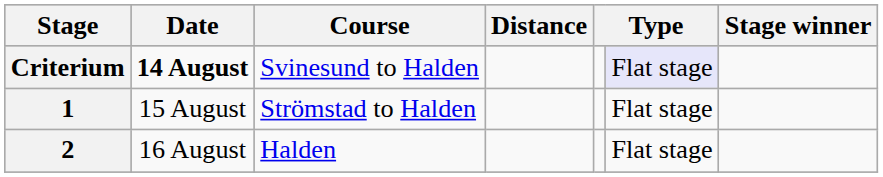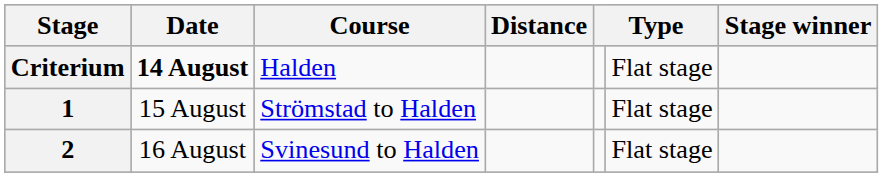 <table class="wikitable">
 <tr>
 <th scope="col">Stage</th>
 <th scope="col">Date</th>
 <th scope="col">Course</th>
 <th scope="col">Distance</th>
 <th scope="col" colspan="2">Type</th>
 <th scope="col">Stage winner</th>
 </tr>
 <tr>
 <th scope="row" style="text-align:center;">Criterium</th>
 <td style="text-align:center;"><strong>14 August</strong></td>
-<td><a href='#'>Svinesund</a> to <a href='#'>Halden</a></td>
+<td><a href='#'>Halden</a></td>
 <td style="text-align:center;"></td>
 <td></td>
-<td style="background: lavender;">Flat stage</td>
+<td>Flat stage</td>
 <td></td>
 </tr>
 <tr>
 <th scope="row" style="text-align:center;">1</th>
 <td style="text-align:center;">15 August</td>
 <td><a href='#'>Strömstad</a> to <a href='#'>Halden</a></td>
 <td style="text-align:center;"></td>
 <td></td>
 <td>Flat stage</td>
 <td></td>
 </tr>
 <tr>
 <th scope="row" style="text-align:center;">2</th>
 <td style="text-align:center;">16 August</td>
-<td><a href='#'>Halden</a></td>
+<td><a href='#'>Svinesund</a> to <a href='#'>Halden</a></td>
 <td style="text-align:center;"></td>
 <td></td>
 <td>Flat stage</td>
 <td></td>
 </tr>
 </table>
